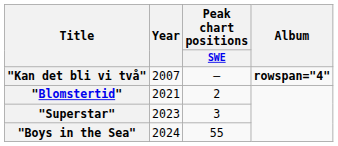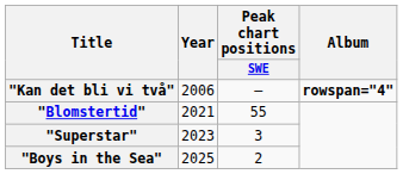 <table class="wikitable plainrowheaders" style="text-align:center;">
 <tr>
 <th scope="col" rowspan="2">Title</th>
 <th scope="col" rowspan="2">Year</th>
 <th scope="col" colspan="1">Peak chart positions</th>
 <th scope="col" rowspan="2">Album</th>
 </tr>
 <tr>
 <th scope="col" style="width:3em;font-size:85%;"><a href='#'>SWE</a><br></th>
 </tr>
 <tr>
 <th scope="row">"Kan det bli vi två"</th>
-<td>2007</td>
+<td>2006</td>
 <td>—</td>
 <td><strong>rowspan="4" </strong></td>
 </tr>
 <tr>
 <th scope="row">"<a href='#'>Blomstertid</a>"</th>
 <td>2021</td>
-<td>2</td>
+<td>55<br></td>
 </tr>
 <tr>
 <th scope="row">"Superstar"</th>
 <td>2023</td>
 <td>3<br></td>
 </tr>
 <tr>
 <th scope="row">"Boys in the Sea"</th>
-<td>2024</td>
-<td>55<br></td>
+<td>2025</td>
+<td>2</td>
 </tr>
 </table>
